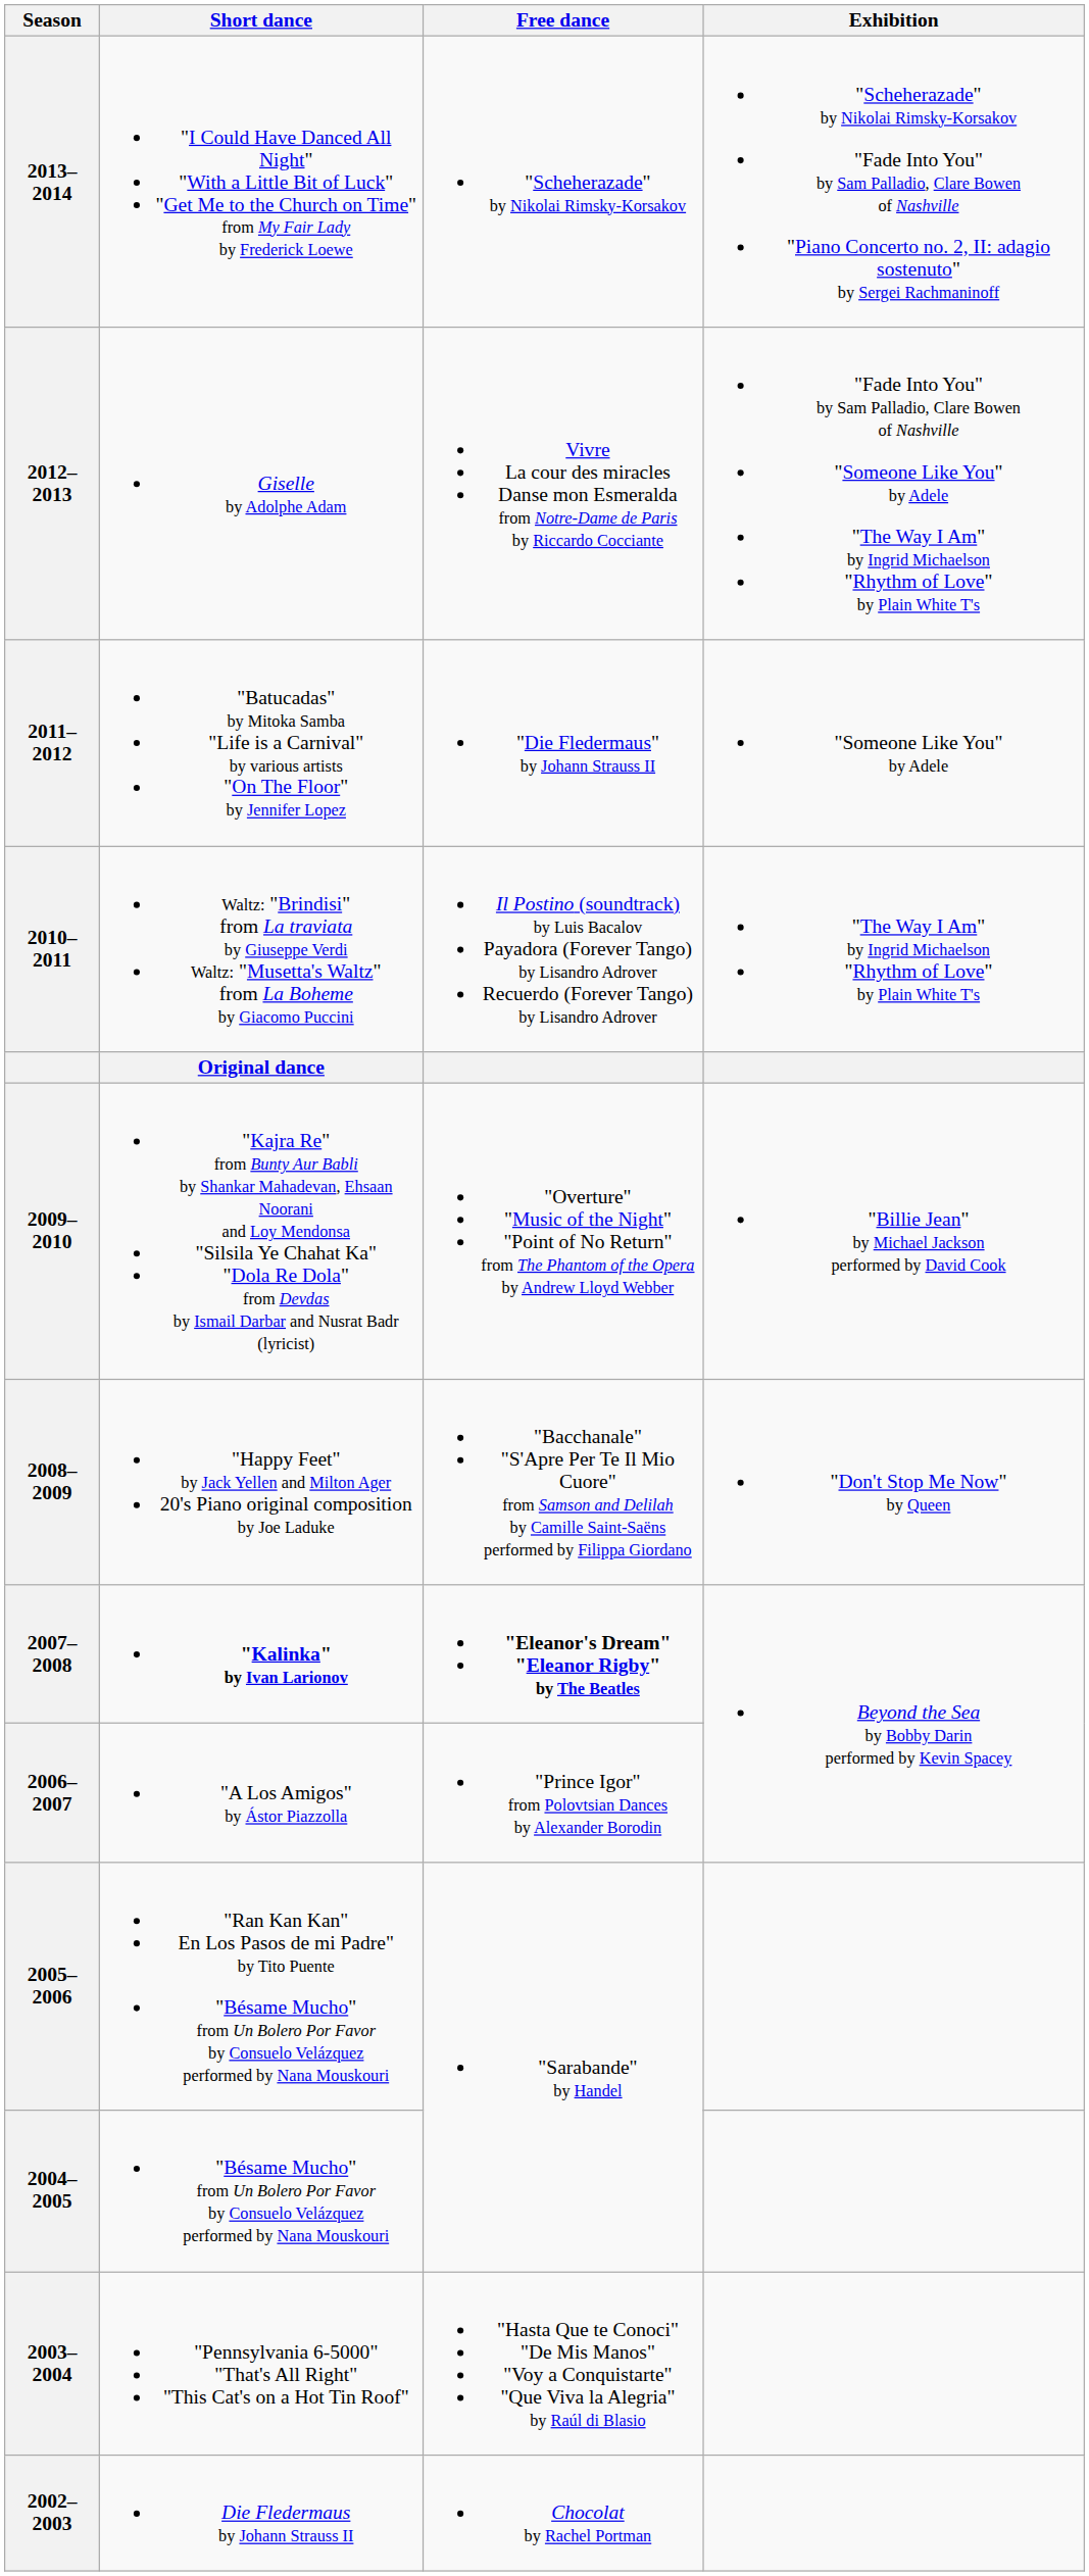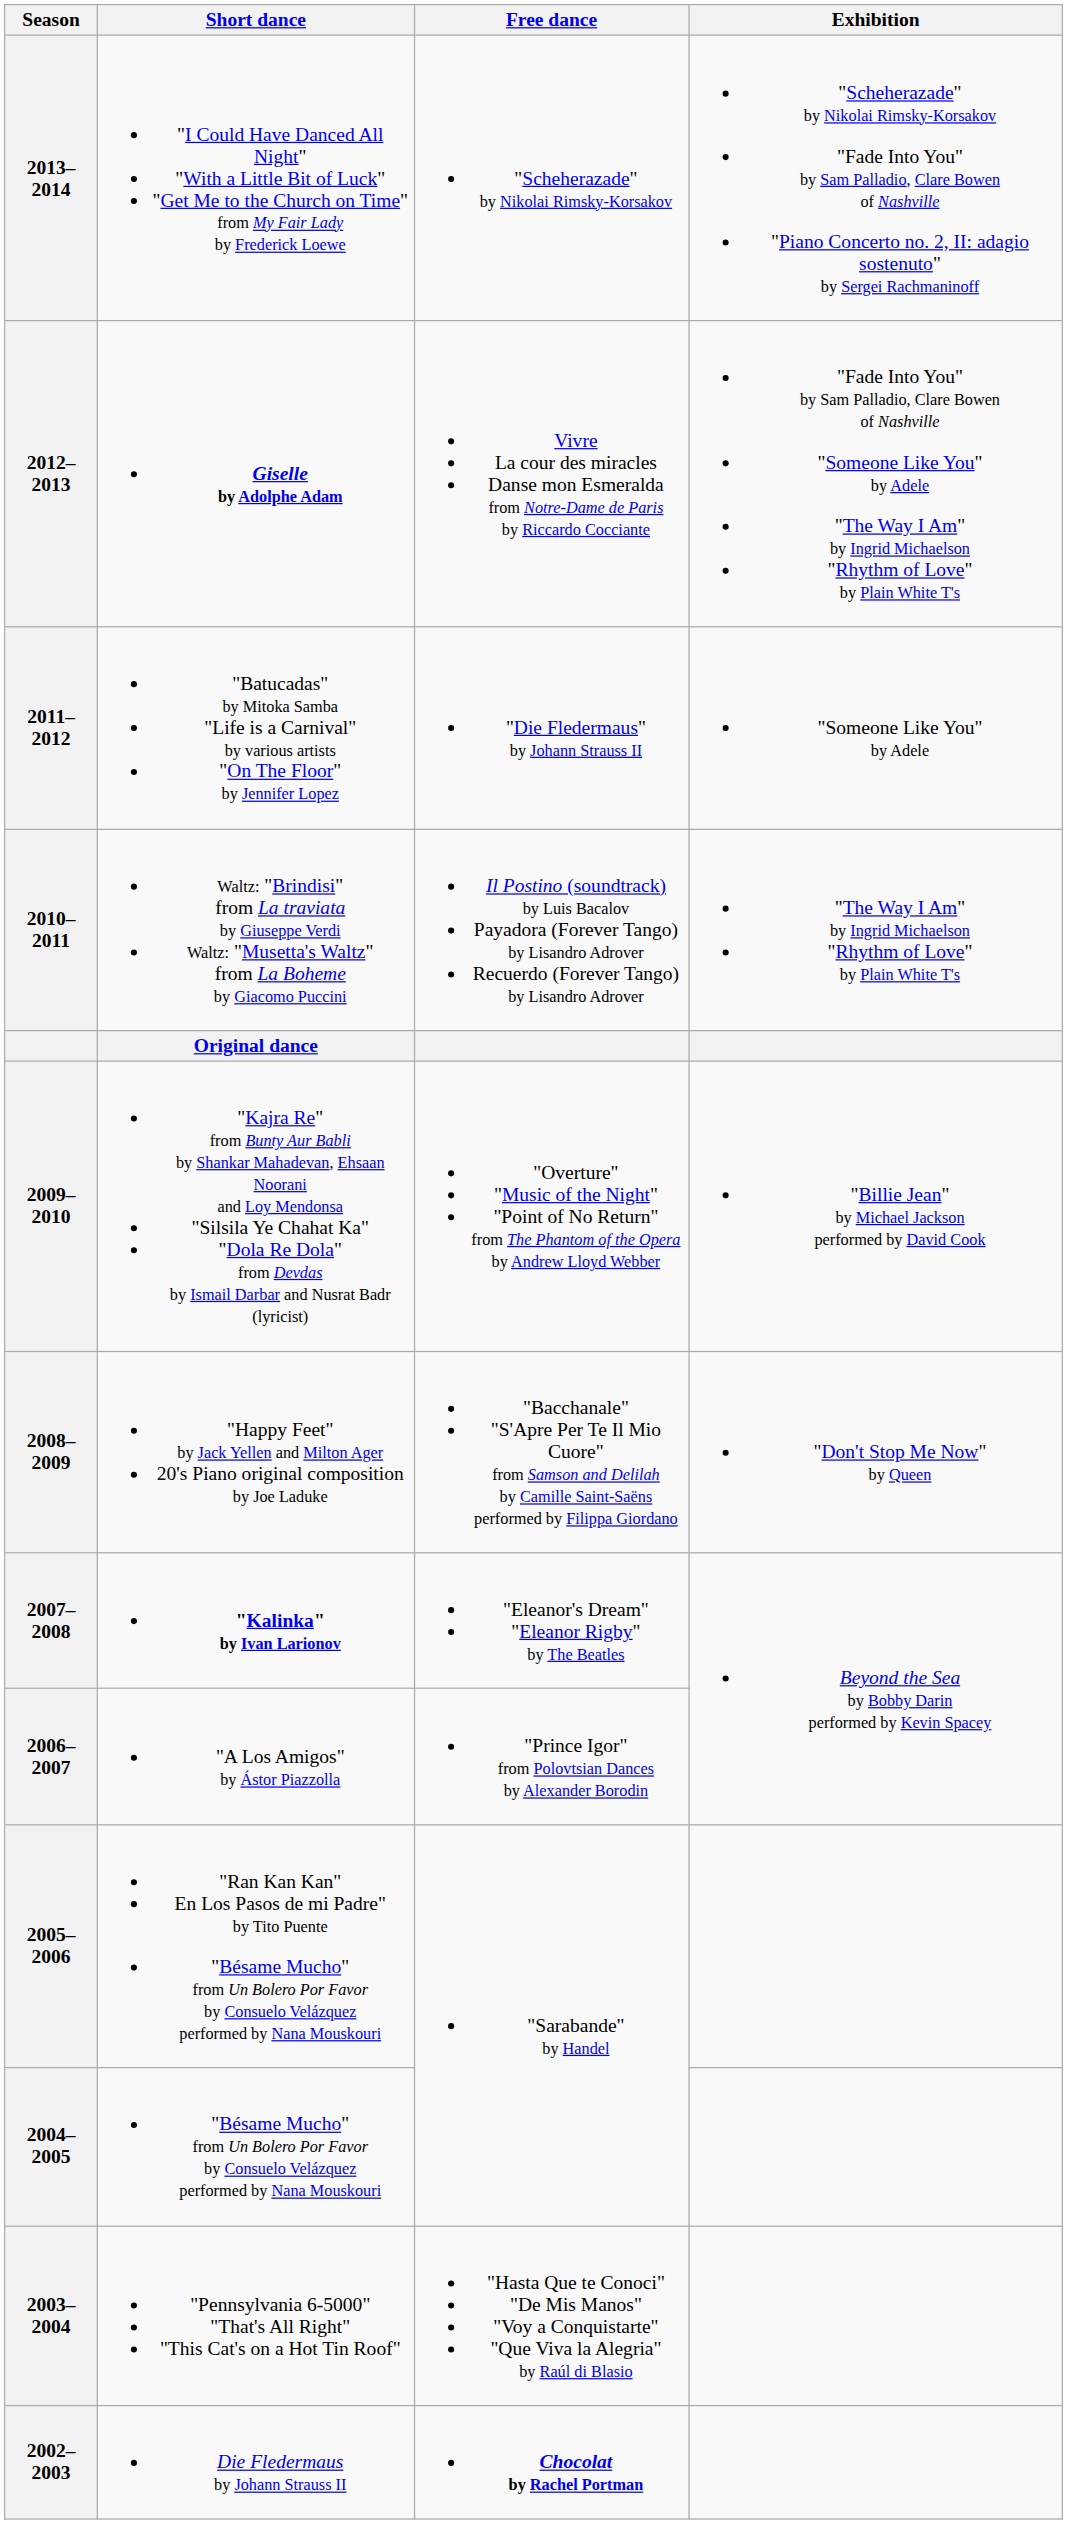 <table class="wikitable" style="text-align:center">
 <tr>
 <th>Season</th>
 <th><a href='#'>Short dance</a></th>
 <th><a href='#'>Free dance</a></th>
 <th>Exhibition</th>
 </tr>
 <tr>
 <th>2013–2014 <br></th>
 <td><br><ul><li>"<a href='#'>I Could Have Danced All Night</a>"</li><li>"<a href='#'>With a Little Bit of Luck</a>"</li><li>"<a href='#'>Get Me to the Church on Time</a>" <br><small> from <em><a href='#'>My Fair Lady</a></em> <br> by <a href='#'>Frederick Loewe</a> </small></li></ul></td>
 <td><br><ul><li>"<a href='#'>Scheherazade</a>" <br><small> by <a href='#'>Nikolai Rimsky-Korsakov</a> </small></li></ul></td>
 <td><br><ul><li>"<a href='#'>Scheherazade</a>" <br><small> by <a href='#'>Nikolai Rimsky-Korsakov</a> </small></li></ul><ul><li>"Fade Into You" <br><small> by <a href='#'>Sam Palladio</a>, <a href='#'>Clare Bowen</a> <br> of <em><a href='#'>Nashville</a></em> </small></li></ul><ul><li>"<a href='#'>Piano Concerto no. 2, II: adagio sostenuto</a>" <br><small> by <a href='#'>Sergei Rachmaninoff</a> </small></li></ul></td>
 </tr>
 <tr>
 <th>2012–2013 <br></th>
-<td><br><ul><li><em><a href='#'>Giselle</a></em> <br><small> by <a href='#'>Adolphe Adam</a> </small></li></ul></td>
+<td><strong><br><ul><li><em><a href='#'>Giselle</a></em> <br><small> by <a href='#'>Adolphe Adam</a> </small></li></ul></strong></td>
 <td><br><ul><li><a href='#'>Vivre</a></li><li>La cour des miracles</li><li>Danse mon Esmeralda <br><small> from <em><a href='#'>Notre-Dame de Paris</a></em> <br> by <a href='#'>Riccardo Cocciante</a> </small></li></ul></td>
 <td><br><ul><li>"Fade Into You" <br><small> by Sam Palladio, Clare Bowen <br> of <em>Nashville</em> </small></li></ul><ul><li>"<a href='#'>Someone Like You</a>" <br><small> by <a href='#'>Adele</a> </small></li></ul><ul><li>"<a href='#'>The Way I Am</a>" <br><small> by <a href='#'>Ingrid Michaelson</a> </small></li><li>"<a href='#'>Rhythm of Love</a>" <br><small> by <a href='#'>Plain White T's</a> </small></li></ul></td>
 </tr>
 <tr>
 <th>2011–2012 <br></th>
 <td><br><ul><li>"Batucadas" <br><small> by Mitoka Samba </small></li><li>"Life is a Carnival" <br><small> by various artists </small></li><li>"<a href='#'>On The Floor</a>" <br><small> by <a href='#'>Jennifer Lopez</a> </small></li></ul></td>
 <td><br><ul><li>"<a href='#'>Die Fledermaus</a>" <br> <small> by <a href='#'>Johann Strauss II</a> </small></li></ul></td>
 <td><br><ul><li>"Someone Like You" <br><small> by Adele </small></li></ul></td>
 </tr>
 <tr>
 <th>2010–2011 <br></th>
 <td><br><ul><li><small>Waltz:</small> "<a href='#'>Brindisi</a>" <br> from <em><a href='#'>La traviata</a></em> <br><small> by <a href='#'>Giuseppe Verdi</a> </small></li><li><small>Waltz:</small> "<a href='#'>Musetta's Waltz</a>" <br> from <em><a href='#'>La Boheme</a></em> <small><br> by <a href='#'>Giacomo Puccini</a> </small></li></ul></td>
 <td><br><ul><li><a href='#'><em>Il Postino</em> (soundtrack)</a> <br><small> by Luis Bacalov </small></li><li>Payadora (Forever Tango) <small><br> by Lisandro Adrover </small></li><li>Recuerdo (Forever Tango) <small><br> by Lisandro Adrover </small></li></ul></td>
 <td><br><ul><li>"<a href='#'>The Way I Am</a>" <br><small> by <a href='#'>Ingrid Michaelson</a> </small></li><li>"<a href='#'>Rhythm of Love</a>" <br><small> by <a href='#'>Plain White T's</a> </small></li></ul></td>
 </tr>
 <tr>
 <th></th>
 <th><a href='#'>Original dance</a></th>
 <th></th>
 <th></th>
 </tr>
 <tr>
 <th>2009–2010 <br></th>
 <td><br><ul><li>"<a href='#'>Kajra Re</a>" <br><small> from <em><a href='#'>Bunty Aur Babli</a></em> <br> by <a href='#'>Shankar Mahadevan</a>, <a href='#'>Ehsaan Noorani</a> <br> and <a href='#'>Loy Mendonsa</a> </small></li><li>"Silsila Ye Chahat Ka"</li><li>"<a href='#'>Dola Re Dola</a>" <br><small> from <em><a href='#'>Devdas</a></em> <br> by <a href='#'>Ismail Darbar</a> and Nusrat Badr (lyricist) </small></li></ul></td>
 <td><br><ul><li>"Overture"</li><li>"<a href='#'>Music of the Night</a>"</li><li>"Point of No Return"  <br><small> from <em><a href='#'>The Phantom of the Opera</a></em> <br> by <a href='#'>Andrew Lloyd Webber</a></small></li></ul></td>
 <td><br><ul><li>"<a href='#'>Billie Jean</a>" <br><small> by <a href='#'>Michael Jackson</a> <br> performed by <a href='#'>David Cook</a> </small></li></ul></td>
 </tr>
 <tr>
 <th>2008–2009 <br></th>
 <td><br><ul><li>"Happy Feet" <br><small> by <a href='#'>Jack Yellen</a> and <a href='#'>Milton Ager</a> </small></li><li>20's Piano original composition <br><small> by Joe Laduke </small></li></ul></td>
 <td><br><ul><li>"Bacchanale"</li><li>"S'Apre Per Te Il Mio Cuore"  <br><small> from <em><a href='#'>Samson and Delilah</a></em> <br> by <a href='#'>Camille Saint-Saëns</a> <br> performed by <a href='#'>Filippa Giordano</a> </small></li></ul></td>
 <td><br><ul><li>"<a href='#'>Don't Stop Me Now</a>" <br><small> by <a href='#'>Queen</a> </small></li></ul></td>
 </tr>
 <tr>
 <th>2007–2008 <br></th>
 <td><strong><br><ul><li>"<a href='#'>Kalinka</a>" <br><small> by <a href='#'>Ivan Larionov</a> </small></li></ul></strong></td>
-<td><strong><br><ul><li>"Eleanor's Dream"</li><li>"<a href='#'>Eleanor Rigby</a>" <br><small> by <a href='#'>The Beatles</a> </small></li></ul></strong></td>
+<td><br><ul><li>"Eleanor's Dream"</li><li>"<a href='#'>Eleanor Rigby</a>" <br><small> by <a href='#'>The Beatles</a> </small></li></ul></td>
 <td rowspan=2><br><ul><li><em><a href='#'>Beyond the Sea</a></em> <br><small> by <a href='#'>Bobby Darin</a> <br> performed by <a href='#'>Kevin Spacey</a> </small></li></ul></td>
 </tr>
 <tr>
 <th>2006–2007 <br></th>
 <td><br><ul><li>"A Los Amigos" <br><small> by <a href='#'>Ástor Piazzolla</a> </small></li></ul></td>
 <td><br><ul><li>"Prince Igor" <br><small> from <a href='#'>Polovtsian Dances</a> <br> by <a href='#'>Alexander Borodin</a> </small></li></ul></td>
 </tr>
 <tr>
 <th>2005–2006 <br></th>
 <td><br><ul><li>"Ran Kan Kan"</li><li>En Los Pasos de mi Padre" <br><small> by Tito Puente </small></li></ul><ul><li>"<a href='#'>Bésame Mucho</a>" <br><small> from <em>Un Bolero Por Favor</em> <br> by <a href='#'>Consuelo Velázquez</a> <br> performed by <a href='#'>Nana Mouskouri</a> </small></li></ul></td>
 <td rowspan=2><br><ul><li>"Sarabande" <br><small> by <a href='#'>Handel</a> </small></li></ul></td>
 <td></td>
 </tr>
 <tr>
 <th>2004–2005 <br></th>
 <td><br><ul><li>"<a href='#'>Bésame Mucho</a>" <br><small> from <em>Un Bolero Por Favor</em> <br> by <a href='#'>Consuelo Velázquez</a> <br> performed by <a href='#'>Nana Mouskouri</a> </small></li></ul></td>
 <td></td>
 </tr>
 <tr>
 <th>2003–2004 <br></th>
 <td><br><ul><li>"Pennsylvania 6-5000"</li><li>"That's All Right"</li><li>"This Cat's on a Hot Tin Roof"</li></ul></td>
 <td><br><ul><li>"Hasta Que te Conoci"</li><li>"De Mis Manos"</li><li>"Voy a Conquistarte"</li><li>"Que Viva la Alegria" <br><small> by <a href='#'>Raúl di Blasio</a> </small></li></ul></td>
 <td></td>
 </tr>
 <tr>
 <th>2002–2003 <br></th>
 <td><br><ul><li><em><a href='#'>Die Fledermaus</a></em> <br><small> by <a href='#'>Johann Strauss II</a> </small></li></ul></td>
-<td><br><ul><li><em><a href='#'>Chocolat</a></em> <br><small> by <a href='#'>Rachel Portman</a> </small></li></ul></td>
+<td><strong><br><ul><li><em><a href='#'>Chocolat</a></em> <br><small> by <a href='#'>Rachel Portman</a> </small></li></ul></strong></td>
 <td></td>
 </tr>
 </table>
